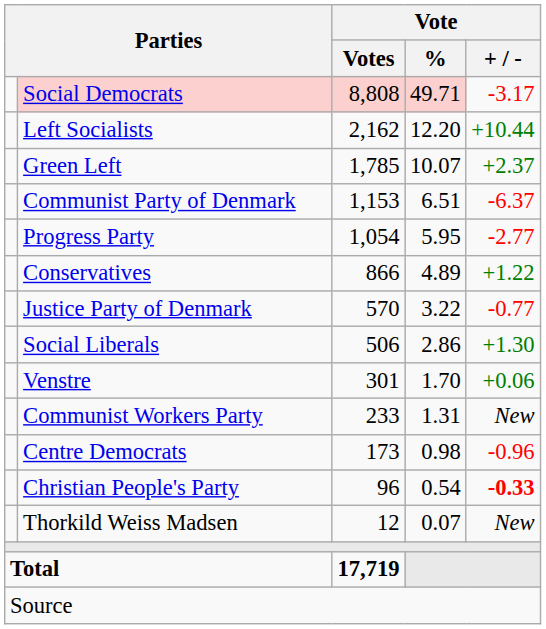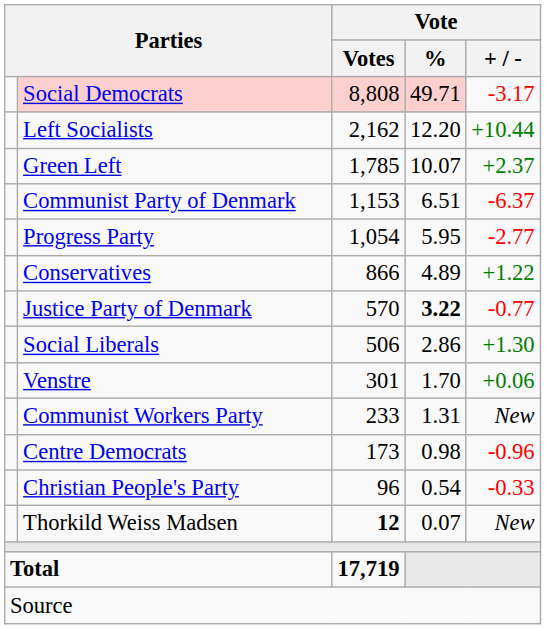 <table class="wikitable" style="text-align:right;">
 <tr>
 <th style="text-align:centre;" rowspan="2" colspan="2" width="225">Parties</th>
 <th colspan="3">Vote</th>
 </tr>
 <tr>
 <th width="15">Votes</th>
 <th width="15">%</th>
 <th width="15">+ / -</th>
 </tr>
 <tr>
 <td width="2" style="color:inherit;background:"></td>
 <td bgcolor=#fbd0ce  align="left"><a href='#'>Social Democrats</a></td>
 <td bgcolor=#fbd0ce>8,808</td>
 <td bgcolor=#fbd0ce>49.71</td>
 <td style=color:red;>-3.17</td>
 </tr>
 <tr>
 <td width="2" style="color:inherit;background:"></td>
 <td align="left"><a href='#'>Left Socialists</a></td>
 <td>2,162</td>
 <td>12.20</td>
 <td style=color:green;>+10.44</td>
 </tr>
 <tr>
 <td width="2" style="color:inherit;background:"></td>
 <td align="left"><a href='#'>Green Left</a></td>
 <td>1,785</td>
 <td>10.07</td>
 <td style=color:green;>+2.37</td>
 </tr>
 <tr>
 <td width="2" style="color:inherit;background:"></td>
 <td align="left"><a href='#'>Communist Party of Denmark</a></td>
 <td>1,153</td>
 <td>6.51</td>
 <td style=color:red;>-6.37</td>
 </tr>
 <tr>
 <td width="2" style="color:inherit;background:"></td>
 <td align="left"><a href='#'>Progress Party</a></td>
 <td>1,054</td>
 <td>5.95</td>
 <td style=color:red;>-2.77</td>
 </tr>
 <tr>
 <td width="2" style="color:inherit;background:"></td>
 <td align="left"><a href='#'>Conservatives</a></td>
 <td>866</td>
 <td>4.89</td>
 <td style=color:green;>+1.22</td>
 </tr>
 <tr>
 <td width="2" style="color:inherit;background:"></td>
 <td align="left"><a href='#'>Justice Party of Denmark</a></td>
 <td>570</td>
-<td>3.22</td>
+<td><strong>3.22</strong></td>
 <td style=color:red;>-0.77</td>
 </tr>
 <tr>
 <td width="2" style="color:inherit;background:"></td>
 <td align="left"><a href='#'>Social Liberals</a></td>
 <td>506</td>
 <td>2.86</td>
 <td style=color:green;>+1.30</td>
 </tr>
 <tr>
 <td width="2" style="color:inherit;background:"></td>
 <td align="left"><a href='#'>Venstre</a></td>
 <td>301</td>
 <td>1.70</td>
 <td style=color:green;>+0.06</td>
 </tr>
 <tr>
 <td width="2" style="color:inherit;background:"></td>
 <td align="left"><a href='#'>Communist Workers Party</a></td>
 <td>233</td>
 <td>1.31</td>
 <td><em>New</em></td>
 </tr>
 <tr>
 <td width="2" style="color:inherit;background:"></td>
 <td align="left"><a href='#'>Centre Democrats</a></td>
 <td>173</td>
 <td>0.98</td>
 <td style=color:red;>-0.96</td>
 </tr>
 <tr>
 <td width="2" style="color:inherit;background:"></td>
 <td align="left"><a href='#'>Christian People's Party</a></td>
 <td>96</td>
 <td>0.54</td>
-<td style=color:red;><strong>-0.33</strong></td>
+<td style=color:red;>-0.33</td>
 </tr>
 <tr>
 <td width="2" style="color:inherit;background:"></td>
 <td align="left">Thorkild Weiss Madsen</td>
-<td>12</td>
+<td><strong>12</strong></td>
 <td>0.07</td>
 <td><em>New</em></td>
 </tr>
 <tr>
 <td colspan="7" bgcolor="#E9E9E9"></td>
 </tr>
 <tr>
 <td align="left" colspan="2"><strong>Total</strong></td>
 <td><strong>17,719</strong></td>
 <td bgcolor="#E9E9E9" colspan="2"></td>
 </tr>
 <tr>
 <td align="left" colspan="6">Source</td>
 </tr>
 </table>
